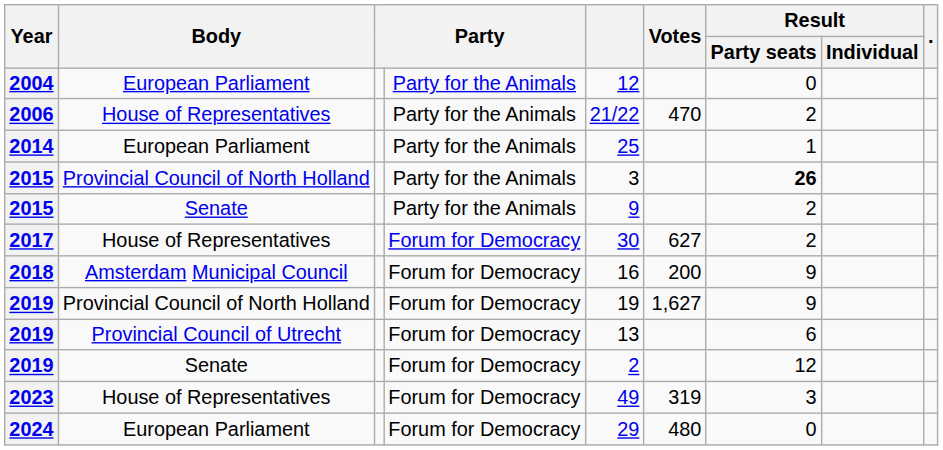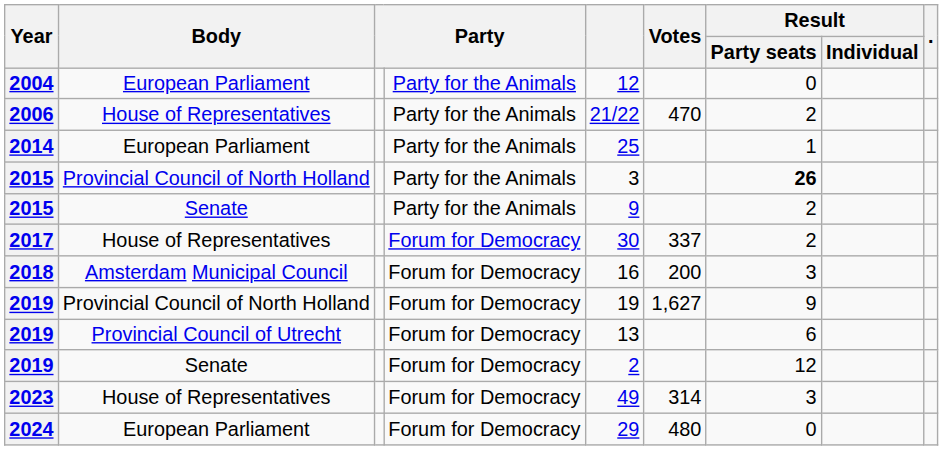 <table class="wikitable plainrowheaders sortable" border=2 cellpadding=4 cellspacing=0 style="border: 1px #aaa solid; font-size: 90%; text-align:center;">
 <tr>
 <th scope="col" rowspan=2>Year</th>
 <th scope="col" rowspan=2>Body</th>
 <th scope="col" colspan=2 rowspan=2>Party</th>
 <th scope="col" rowspan=2></th>
 <th scope="col" rowspan=2>Votes</th>
 <th scope="colgroup" colspan=2>Result</th>
 <th scope="col" rowspan=2 class="unsortable">.</th>
 </tr>
 <tr>
 <th scope="col">Party seats</th>
 <th scope="col">Individual</th>
 </tr>
 <tr>
 <th scope="row"><a href='#'>2004</a></th>
 <td><a href='#'>European Parliament</a></td>
 <td style="background-color:"></td>
 <td><a href='#'>Party for the Animals</a></td>
 <td style=text-align:right><a href='#'>12</a></td>
 <td style=text-align:right></td>
 <td style=text-align:right>0</td>
 <td></td>
 <td></td>
 </tr>
 <tr>
 <th scope="row"><a href='#'>2006</a></th>
 <td><a href='#'>House of Representatives</a></td>
 <td style="background-color:"></td>
 <td>Party for the Animals</td>
 <td style=text-align:right><a href='#'>21/22</a></td>
 <td style=text-align:right>470</td>
 <td style=text-align:right>2</td>
 <td></td>
 <td></td>
 </tr>
 <tr>
 <th scope="row"><a href='#'>2014</a></th>
 <td>European Parliament</td>
 <td style="background-color:"></td>
 <td>Party for the Animals</td>
 <td style=text-align:right><a href='#'>25</a></td>
 <td style=text-align:right></td>
 <td style=text-align:right>1</td>
 <td></td>
 <td></td>
 </tr>
 <tr>
 <th scope="row"><a href='#'>2015</a></th>
 <td><a href='#'>Provincial Council of North Holland</a></td>
 <td style="background-color:"></td>
 <td>Party for the Animals</td>
 <td style=text-align:right>3</td>
 <td style=text-align:right></td>
 <td style=text-align:right><strong>26</strong></td>
 <td></td>
 <td></td>
 </tr>
 <tr>
 <th scope="row"><a href='#'>2015</a></th>
 <td><a href='#'>Senate</a></td>
 <td style="background-color:"></td>
 <td>Party for the Animals</td>
 <td style=text-align:right><a href='#'>9</a></td>
 <td style=text-align:right></td>
 <td style=text-align:right>2</td>
 <td></td>
 <td></td>
 </tr>
 <tr>
 <th scope="row"><a href='#'>2017</a></th>
 <td>House of Representatives</td>
 <td style="background-color:"></td>
 <td><a href='#'>Forum for Democracy</a></td>
 <td style=text-align:right><a href='#'>30</a></td>
-<td style=text-align:right>627</td>
+<td style=text-align:right>337</td>
 <td style=text-align:right>2</td>
 <td></td>
 <td></td>
 </tr>
 <tr>
 <th scope="row"><a href='#'>2018</a></th>
 <td><a href='#'>Amsterdam</a> <a href='#'>Municipal Council</a></td>
 <td style="background-color:"></td>
 <td>Forum for Democracy</td>
 <td style=text-align:right>16</td>
 <td style=text-align:right>200</td>
-<td style=text-align:right>9</td>
+<td style=text-align:right>3</td>
 <td></td>
 <td></td>
 </tr>
 <tr>
 <th scope="row"><a href='#'>2019</a></th>
 <td>Provincial Council of North Holland</td>
 <td style="background-color:"></td>
 <td>Forum for Democracy</td>
 <td style=text-align:right>19</td>
 <td style=text-align:right>1,627</td>
 <td style=text-align:right>9</td>
 <td></td>
 <td></td>
 </tr>
 <tr>
 <th scope="row"><a href='#'>2019</a></th>
 <td><a href='#'>Provincial Council of Utrecht</a></td>
 <td style="background-color:"></td>
 <td>Forum for Democracy</td>
 <td style=text-align:right>13</td>
 <td style=text-align:right></td>
 <td style=text-align:right>6</td>
 <td></td>
 <td></td>
 </tr>
 <tr>
 <th scope="row"><a href='#'>2019</a></th>
 <td>Senate</td>
 <td style="background-color:"></td>
 <td>Forum for Democracy</td>
 <td style=text-align:right><a href='#'>2</a></td>
 <td style=text-align:right></td>
 <td style=text-align:right>12</td>
 <td></td>
 <td></td>
 </tr>
 <tr>
 <th scope="row"><a href='#'>2023</a></th>
 <td>House of Representatives</td>
 <td style="background-color:"></td>
 <td>Forum for Democracy</td>
 <td style=text-align:right><a href='#'>49</a></td>
-<td style=text-align:right>319</td>
+<td style=text-align:right>314</td>
 <td style=text-align:right>3</td>
 <td></td>
 <td></td>
 </tr>
 <tr>
 <th scope="row"><a href='#'>2024</a></th>
 <td>European Parliament</td>
 <td style="background-color:"></td>
 <td>Forum for Democracy</td>
 <td style=text-align:right><a href='#'>29</a></td>
 <td style=text-align:right>480</td>
 <td style=text-align:right>0</td>
 <td></td>
 <td></td>
 </tr>
 </table>
